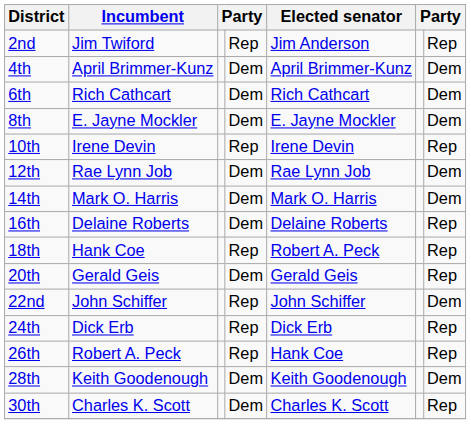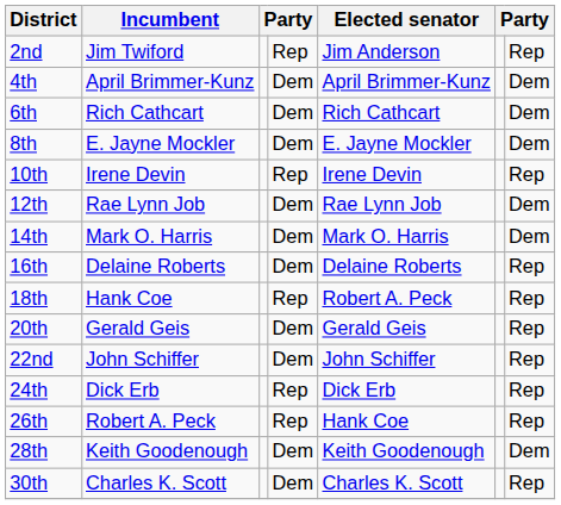 <table class="sortable wikitable">
 <tr>
 <th class="unsortable">District</th>
 <th class="unsortable"><a href='#'>Incumbent</a></th>
 <th colspan="2">Party</th>
 <th class="unsortable">Elected senator</th>
 <th colspan="2">Party</th>
 </tr>
 <tr>
 <td><a href='#'>2nd</a></td>
 <td><a href='#'>Jim Twiford</a></td>
 <td style="background:"></td>
 <td>Rep</td>
 <td><a href='#'>Jim Anderson</a></td>
 <td style="background:"></td>
 <td>Rep</td>
 </tr>
 <tr>
 <td><a href='#'>4th</a></td>
 <td><a href='#'>April Brimmer-Kunz</a></td>
 <td style="background:"></td>
 <td>Dem</td>
 <td><a href='#'>April Brimmer-Kunz</a></td>
 <td style="background:"></td>
 <td>Dem</td>
 </tr>
 <tr>
 <td><a href='#'>6th</a></td>
 <td><a href='#'>Rich Cathcart</a></td>
 <td style="background:"></td>
 <td>Dem</td>
 <td><a href='#'>Rich Cathcart</a></td>
 <td style="background:"></td>
 <td>Dem</td>
 </tr>
 <tr>
 <td><a href='#'>8th</a></td>
 <td><a href='#'>E. Jayne Mockler</a></td>
 <td style="background:"></td>
 <td>Dem</td>
 <td><a href='#'>E. Jayne Mockler</a></td>
 <td style="background:"></td>
 <td>Dem</td>
 </tr>
 <tr>
 <td><a href='#'>10th</a></td>
 <td><a href='#'>Irene Devin</a></td>
 <td style="background:"></td>
 <td>Rep</td>
 <td><a href='#'>Irene Devin</a></td>
 <td style="background:"></td>
 <td>Rep</td>
 </tr>
 <tr>
 <td><a href='#'>12th</a></td>
 <td><a href='#'>Rae Lynn Job</a></td>
 <td style="background:"></td>
 <td>Dem</td>
 <td><a href='#'>Rae Lynn Job</a></td>
 <td style="background:"></td>
 <td>Dem</td>
 </tr>
 <tr>
 <td><a href='#'>14th</a></td>
 <td><a href='#'>Mark O. Harris</a></td>
 <td style="background:"></td>
 <td>Dem</td>
 <td><a href='#'>Mark O. Harris</a></td>
 <td style="background:"></td>
 <td>Dem</td>
 </tr>
 <tr>
 <td><a href='#'>16th</a></td>
 <td><a href='#'>Delaine Roberts</a></td>
 <td style="background:"></td>
 <td>Dem</td>
 <td><a href='#'>Delaine Roberts</a></td>
 <td style="background:"></td>
 <td>Rep</td>
 </tr>
 <tr>
 <td><a href='#'>18th</a></td>
 <td><a href='#'>Hank Coe</a></td>
 <td style="background:"></td>
 <td>Rep</td>
 <td><a href='#'>Robert A. Peck</a></td>
 <td style="background:"></td>
 <td>Rep</td>
 </tr>
 <tr>
 <td><a href='#'>20th</a></td>
 <td><a href='#'>Gerald Geis</a></td>
 <td style="background:"></td>
 <td>Dem</td>
 <td><a href='#'>Gerald Geis</a></td>
 <td style="background:"></td>
 <td>Rep</td>
 </tr>
 <tr>
 <td><a href='#'>22nd</a></td>
 <td><a href='#'>John Schiffer</a></td>
 <td style="background:"></td>
-<td>Rep</td>
+<td>Dem</td>
 <td><a href='#'>John Schiffer</a></td>
 <td style="background:"></td>
-<td>Dem</td>
+<td>Rep</td>
 </tr>
 <tr>
 <td><a href='#'>24th</a></td>
 <td><a href='#'>Dick Erb</a></td>
 <td style="background:"></td>
 <td>Rep</td>
 <td><a href='#'>Dick Erb</a></td>
 <td style="background:"></td>
 <td>Rep</td>
 </tr>
 <tr>
 <td><a href='#'>26th</a></td>
 <td><a href='#'>Robert A. Peck</a></td>
 <td style="background:"></td>
 <td>Rep</td>
 <td><a href='#'>Hank Coe</a></td>
 <td style="background:"></td>
 <td>Rep</td>
 </tr>
 <tr>
 <td><a href='#'>28th</a></td>
 <td><a href='#'>Keith Goodenough</a></td>
 <td style="background:"></td>
 <td>Dem</td>
 <td><a href='#'>Keith Goodenough</a></td>
 <td style="background:"></td>
 <td>Dem</td>
 </tr>
 <tr>
 <td><a href='#'>30th</a></td>
 <td><a href='#'>Charles K. Scott</a></td>
 <td style="background:"></td>
 <td>Dem</td>
 <td><a href='#'>Charles K. Scott</a></td>
 <td style="background:"></td>
 <td>Rep</td>
 </tr>
 <tr>
 </tr>
 </table>
